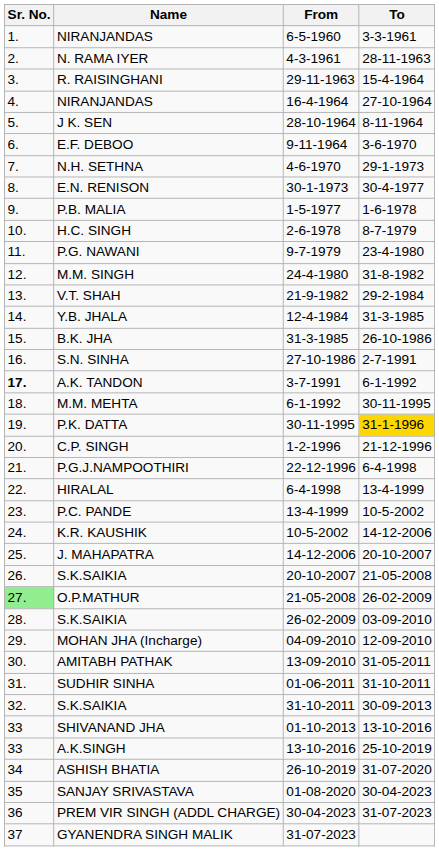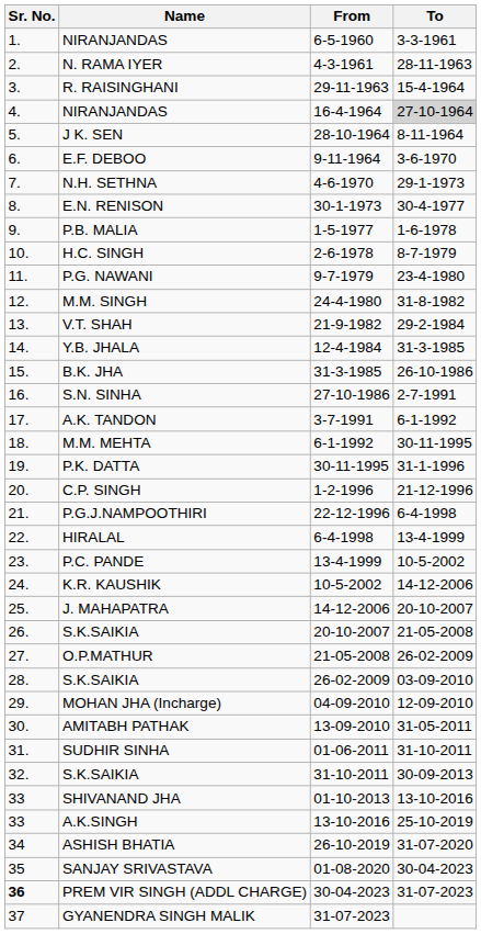 <table class="wikitable">
 <tr>
 <th>Sr. No.</th>
 <th>Name</th>
 <th>From</th>
 <th>To</th>
 </tr>
 <tr>
 <td>1.</td>
 <td>NIRANJANDAS</td>
 <td>6-5-1960</td>
 <td>3-3-1961</td>
 </tr>
 <tr>
 <td>2.</td>
 <td>N. RAMA IYER</td>
 <td>4-3-1961</td>
 <td>28-11-1963</td>
 </tr>
 <tr>
 <td>3.</td>
 <td>R. RAISINGHANI</td>
 <td>29-11-1963</td>
 <td>15-4-1964</td>
 </tr>
 <tr>
 <td>4.</td>
 <td>NIRANJANDAS</td>
 <td>16-4-1964</td>
-<td>27-10-1964</td>
+<td style="background: lightgrey;">27-10-1964</td>
 </tr>
 <tr>
 <td>5.</td>
 <td>J K. SEN</td>
 <td>28-10-1964</td>
 <td>8-11-1964</td>
 </tr>
 <tr>
 <td>6.</td>
 <td>E.F. DEBOO</td>
 <td>9-11-1964</td>
 <td>3-6-1970</td>
 </tr>
 <tr>
 <td>7.</td>
 <td>N.H. SETHNA</td>
 <td>4-6-1970</td>
 <td>29-1-1973</td>
 </tr>
 <tr>
 <td>8.</td>
 <td>E.N. RENISON</td>
 <td>30-1-1973</td>
 <td>30-4-1977</td>
 </tr>
 <tr>
 <td>9.</td>
 <td>P.B. MALIA</td>
 <td>1-5-1977</td>
 <td>1-6-1978</td>
 </tr>
 <tr>
 <td>10.</td>
 <td>H.C. SINGH</td>
 <td>2-6-1978</td>
 <td>8-7-1979</td>
 </tr>
 <tr>
 <td>11.</td>
 <td>P.G. NAWANI</td>
 <td>9-7-1979</td>
 <td>23-4-1980</td>
 </tr>
 <tr>
 <td>12.</td>
 <td>M.M. SINGH</td>
 <td>24-4-1980</td>
 <td>31-8-1982</td>
 </tr>
 <tr>
 <td>13.</td>
 <td>V.T. SHAH</td>
 <td>21-9-1982</td>
 <td>29-2-1984</td>
 </tr>
 <tr>
 <td>14.</td>
 <td>Y.B. JHALA</td>
 <td>12-4-1984</td>
 <td>31-3-1985</td>
 </tr>
 <tr>
 <td>15.</td>
 <td>B.K. JHA</td>
 <td>31-3-1985</td>
 <td>26-10-1986</td>
 </tr>
 <tr>
 <td>16.</td>
 <td>S.N. SINHA</td>
 <td>27-10-1986</td>
 <td>2-7-1991</td>
 </tr>
 <tr>
-<td><strong>17.</strong></td>
+<td>17.</td>
 <td>A.K. TANDON</td>
 <td>3-7-1991</td>
 <td>6-1-1992</td>
 </tr>
 <tr>
 <td>18.</td>
 <td>M.M. MEHTA</td>
 <td>6-1-1992</td>
 <td>30-11-1995</td>
 </tr>
 <tr>
 <td>19.</td>
 <td>P.K. DATTA</td>
 <td>30-11-1995</td>
-<td style="background: gold;">31-1-1996</td>
+<td>31-1-1996</td>
 </tr>
 <tr>
 <td>20.</td>
 <td>C.P. SINGH</td>
 <td>1-2-1996</td>
 <td>21-12-1996</td>
 </tr>
 <tr>
 <td>21.</td>
 <td>P.G.J.NAMPOOTHIRI</td>
 <td>22-12-1996</td>
 <td>6-4-1998</td>
 </tr>
 <tr>
 <td>22.</td>
 <td>HIRALAL</td>
 <td>6-4-1998</td>
 <td>13-4-1999</td>
 </tr>
 <tr>
 <td>23.</td>
 <td>P.C. PANDE</td>
 <td>13-4-1999</td>
 <td>10-5-2002</td>
 </tr>
 <tr>
 <td>24.</td>
 <td>K.R. KAUSHIK</td>
 <td>10-5-2002</td>
 <td>14-12-2006</td>
 </tr>
 <tr>
 <td>25.</td>
 <td>J. MAHAPATRA</td>
 <td>14-12-2006</td>
 <td>20-10-2007</td>
 </tr>
 <tr>
 <td>26.</td>
 <td>S.K.SAIKIA</td>
 <td>20-10-2007</td>
 <td>21-05-2008</td>
 </tr>
 <tr>
-<td style="background: lightgreen;">27.</td>
+<td>27.</td>
 <td>O.P.MATHUR</td>
 <td>21-05-2008</td>
 <td>26-02-2009</td>
 </tr>
 <tr>
 <td>28.</td>
 <td>S.K.SAIKIA</td>
 <td>26-02-2009</td>
 <td>03-09-2010</td>
 </tr>
 <tr>
 <td>29.</td>
 <td>MOHAN JHA (Incharge)</td>
 <td>04-09-2010</td>
 <td>12-09-2010</td>
 </tr>
 <tr>
 <td>30.</td>
 <td>AMITABH PATHAK</td>
 <td>13-09-2010</td>
 <td>31-05-2011</td>
 </tr>
 <tr>
 <td>31.</td>
 <td>SUDHIR SINHA</td>
 <td>01-06-2011</td>
 <td>31-10-2011</td>
 </tr>
 <tr>
 <td>32.</td>
 <td>S.K.SAIKIA</td>
 <td>31-10-2011</td>
 <td>30-09-2013</td>
 </tr>
 <tr>
 <td>33</td>
 <td>SHIVANAND JHA</td>
 <td>01-10-2013</td>
 <td>13-10-2016</td>
 </tr>
 <tr>
 <td>33</td>
 <td>A.K.SINGH</td>
 <td>13-10-2016</td>
 <td>25-10-2019</td>
 </tr>
 <tr>
 <td>34</td>
 <td>ASHISH BHATIA</td>
 <td>26-10-2019</td>
 <td>31-07-2020</td>
 </tr>
 <tr>
 <td>35</td>
 <td>SANJAY SRIVASTAVA</td>
 <td>01-08-2020</td>
 <td>30-04-2023</td>
 </tr>
 <tr>
-<td>36</td>
+<td><strong>36</strong></td>
 <td>PREM VIR SINGH (ADDL CHARGE)</td>
 <td>30-04-2023</td>
 <td>31-07-2023</td>
 </tr>
 <tr>
 <td>37</td>
 <td>GYANENDRA SINGH MALIK</td>
 <td>31-07-2023</td>
 </tr>
 </table>
